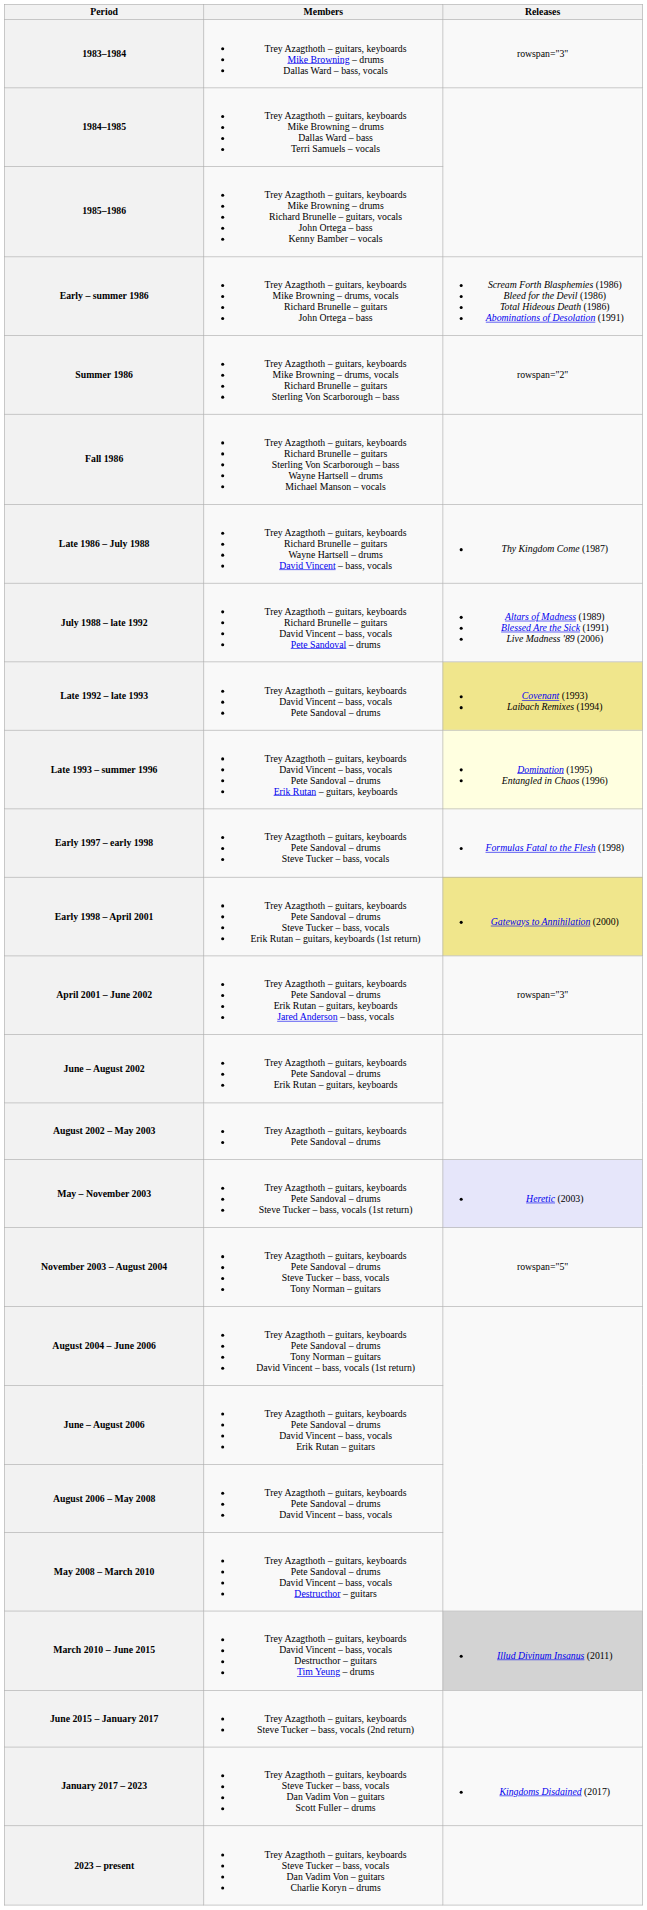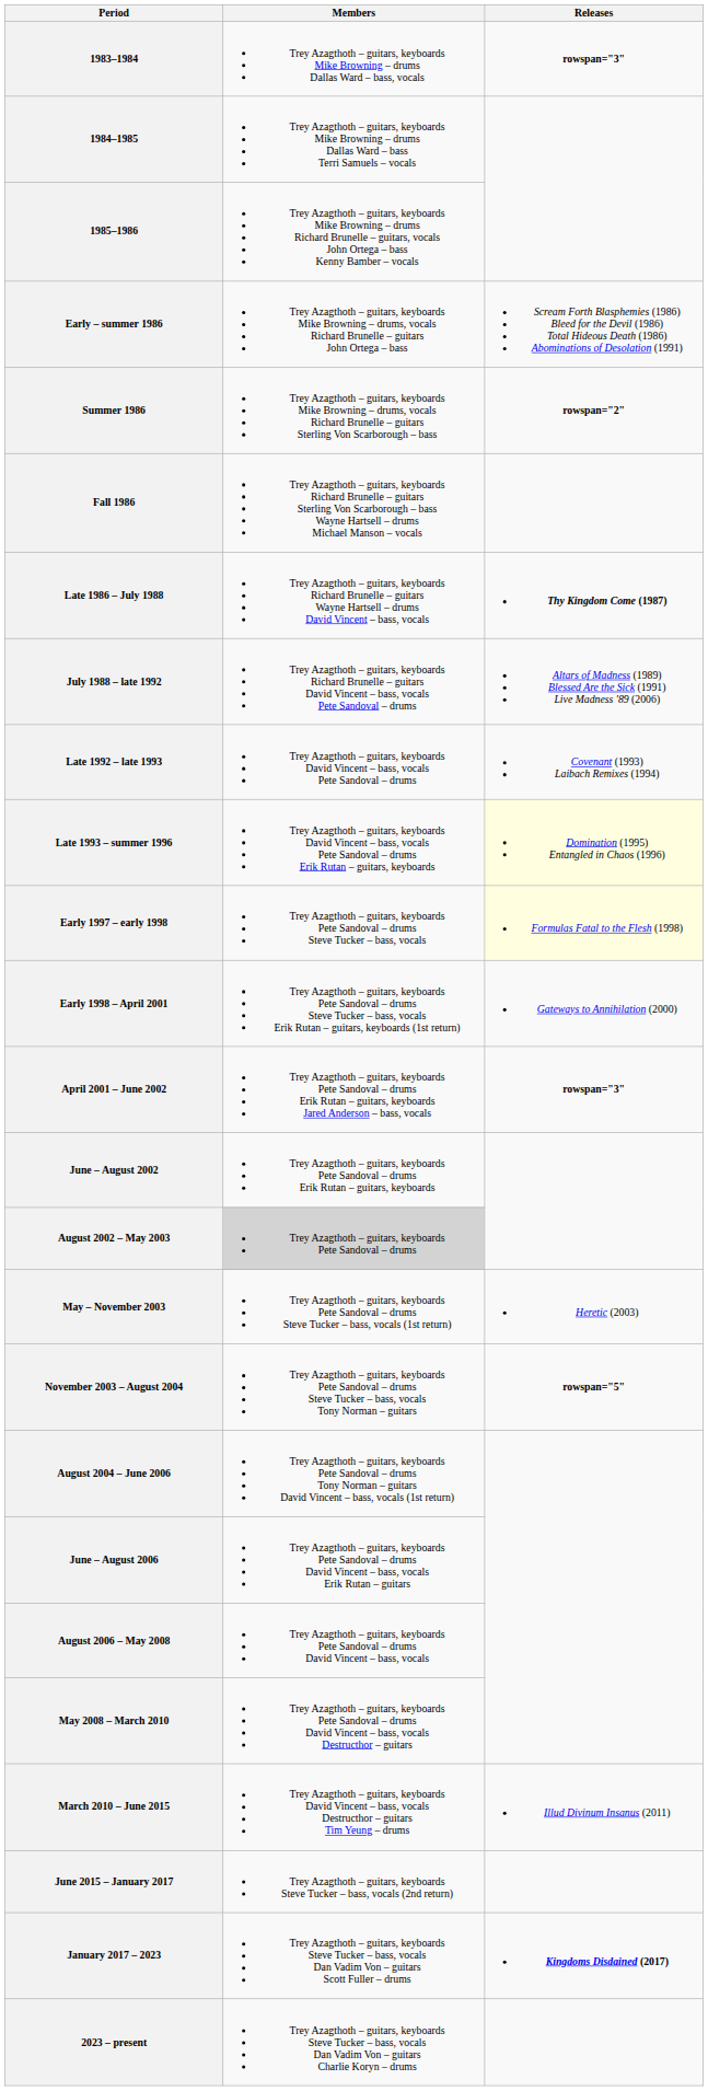 <table class="wikitable plainrowheaders" style="text-align:center;">
 <tr>
 <th scope="col" style="width:20em;">Period</th>
 <th scope="col" style="width:24em;">Members</th>
 <th scope="col" style="width:20em;">Releases</th>
 </tr>
 <tr>
 <th scope="col">1983–1984</th>
 <td><br><ul><li>Trey Azagthoth – guitars, keyboards</li><li><a href='#'>Mike Browning</a> – drums</li><li>Dallas Ward – bass, vocals</li></ul></td>
-<td>rowspan="3" </td>
+<td><strong>rowspan="3" </strong></td>
 </tr>
 <tr>
 <th scope="col">1984–1985</th>
 <td><br><ul><li>Trey Azagthoth – guitars, keyboards</li><li>Mike Browning – drums</li><li>Dallas Ward – bass</li><li>Terri Samuels – vocals</li></ul></td>
 </tr>
 <tr>
 <th scope="col">1985–1986</th>
 <td><br><ul><li>Trey Azagthoth – guitars, keyboards</li><li>Mike Browning – drums</li><li>Richard Brunelle – guitars, vocals</li><li>John Ortega – bass</li><li>Kenny Bamber – vocals</li></ul></td>
 </tr>
 <tr>
 <th scope="col">Early – summer 1986</th>
 <td><br><ul><li>Trey Azagthoth – guitars, keyboards</li><li>Mike Browning – drums, vocals</li><li>Richard Brunelle – guitars</li><li>John Ortega – bass</li></ul></td>
 <td><br><ul><li><em>Scream Forth Blasphemies</em> (1986)</li><li><em>Bleed for the Devil</em> (1986)</li><li><em>Total Hideous Death</em> (1986)</li><li><em><a href='#'>Abominations of Desolation</a></em> (1991)</li></ul></td>
 </tr>
 <tr>
 <th scope="col">Summer 1986</th>
 <td><br><ul><li>Trey Azagthoth – guitars, keyboards</li><li>Mike Browning – drums, vocals</li><li>Richard Brunelle – guitars</li><li>Sterling Von Scarborough – bass</li></ul></td>
-<td>rowspan="2" </td>
+<td><strong>rowspan="2" </strong></td>
 </tr>
 <tr>
 <th scope="col">Fall 1986</th>
 <td><br><ul><li>Trey Azagthoth – guitars, keyboards</li><li>Richard Brunelle – guitars</li><li>Sterling Von Scarborough – bass</li><li>Wayne Hartsell – drums</li><li>Michael Manson – vocals</li></ul></td>
 </tr>
 <tr>
 <th scope="col">Late 1986 – July 1988</th>
 <td><br><ul><li>Trey Azagthoth – guitars, keyboards</li><li>Richard Brunelle – guitars</li><li>Wayne Hartsell – drums</li><li><a href='#'>David Vincent</a> – bass, vocals</li></ul></td>
-<td><br><ul><li><em>Thy Kingdom Come</em> (1987)</li></ul></td>
+<td><strong><br><ul><li><em>Thy Kingdom Come</em> (1987)</li></ul></strong></td>
 </tr>
 <tr>
 <th scope="col">July 1988 – late 1992</th>
 <td><br><ul><li>Trey Azagthoth – guitars, keyboards</li><li>Richard Brunelle – guitars</li><li>David Vincent – bass, vocals</li><li><a href='#'>Pete Sandoval</a> – drums</li></ul></td>
 <td><br><ul><li><em><a href='#'>Altars of Madness</a></em> (1989)</li><li><em><a href='#'>Blessed Are the Sick</a></em> (1991)</li><li><em>Live Madness '89</em> (2006)</li></ul></td>
 </tr>
 <tr>
 <th scope="col">Late 1992 – late 1993</th>
 <td><br><ul><li>Trey Azagthoth – guitars, keyboards</li><li>David Vincent – bass, vocals</li><li>Pete Sandoval – drums</li></ul></td>
-<td style="background: khaki;"><br><ul><li><em><a href='#'>Covenant</a></em> (1993)</li><li><em>Laibach Remixes</em> (1994)</li></ul></td>
+<td><br><ul><li><em><a href='#'>Covenant</a></em> (1993)</li><li><em>Laibach Remixes</em> (1994)</li></ul></td>
 </tr>
 <tr>
 <th scope="col">Late 1993 – summer 1996</th>
 <td><br><ul><li>Trey Azagthoth – guitars, keyboards</li><li>David Vincent – bass, vocals</li><li>Pete Sandoval – drums</li><li><a href='#'>Erik Rutan</a> – guitars, keyboards</li></ul></td>
 <td style="background: lightyellow;"><br><ul><li><em><a href='#'>Domination</a></em> (1995)</li><li><em>Entangled in Chaos</em> (1996)</li></ul></td>
 </tr>
 <tr>
 <th scope="col">Early 1997 – early 1998</th>
 <td><br><ul><li>Trey Azagthoth – guitars, keyboards</li><li>Pete Sandoval – drums</li><li>Steve Tucker – bass, vocals</li></ul></td>
-<td><br><ul><li><em><a href='#'>Formulas Fatal to the Flesh</a></em> (1998)</li></ul></td>
+<td style="background: lightyellow;"><br><ul><li><em><a href='#'>Formulas Fatal to the Flesh</a></em> (1998)</li></ul></td>
 </tr>
 <tr>
 <th scope="col">Early 1998 – April 2001</th>
 <td><br><ul><li>Trey Azagthoth – guitars, keyboards</li><li>Pete Sandoval – drums</li><li>Steve Tucker – bass, vocals</li><li>Erik Rutan – guitars, keyboards (1st return)</li></ul></td>
-<td style="background: khaki;"><br><ul><li><em><a href='#'>Gateways to Annihilation</a></em> (2000)</li></ul></td>
+<td><br><ul><li><em><a href='#'>Gateways to Annihilation</a></em> (2000)</li></ul></td>
 </tr>
 <tr>
 <th scope="col">April 2001 – June 2002</th>
 <td><br><ul><li>Trey Azagthoth – guitars, keyboards</li><li>Pete Sandoval – drums</li><li>Erik Rutan – guitars, keyboards</li><li><a href='#'>Jared Anderson</a> – bass, vocals</li></ul></td>
-<td>rowspan="3" </td>
+<td><strong>rowspan="3" </strong></td>
 </tr>
 <tr>
 <th scope="col">June – August 2002</th>
 <td><br><ul><li>Trey Azagthoth – guitars, keyboards</li><li>Pete Sandoval – drums</li><li>Erik Rutan – guitars, keyboards</li></ul></td>
 </tr>
 <tr>
 <th scope="col">August 2002 – May 2003</th>
-<td><br><ul><li>Trey Azagthoth – guitars, keyboards</li><li>Pete Sandoval – drums</li></ul></td>
+<td style="background: lightgrey;"><br><ul><li>Trey Azagthoth – guitars, keyboards</li><li>Pete Sandoval – drums</li></ul></td>
 </tr>
 <tr>
 <th scope="col">May – November 2003</th>
 <td><br><ul><li>Trey Azagthoth – guitars, keyboards</li><li>Pete Sandoval – drums</li><li>Steve Tucker – bass, vocals (1st return)</li></ul></td>
-<td style="background: lavender;"><br><ul><li><em><a href='#'>Heretic</a></em> (2003)</li></ul></td>
+<td><br><ul><li><em><a href='#'>Heretic</a></em> (2003)</li></ul></td>
 </tr>
 <tr>
 <th scope="col">November 2003 – August 2004</th>
 <td><br><ul><li>Trey Azagthoth – guitars, keyboards</li><li>Pete Sandoval – drums</li><li>Steve Tucker – bass, vocals</li><li>Tony Norman – guitars </li></ul></td>
-<td>rowspan="5" </td>
+<td><strong>rowspan="5" </strong></td>
 </tr>
 <tr>
 <th scope="col">August 2004 – June 2006</th>
 <td><br><ul><li>Trey Azagthoth – guitars, keyboards</li><li>Pete Sandoval – drums</li><li>Tony Norman – guitars </li><li>David Vincent – bass, vocals (1st return)</li></ul></td>
 </tr>
 <tr>
 <th scope="col">June – August 2006</th>
 <td><br><ul><li>Trey Azagthoth – guitars, keyboards</li><li>Pete Sandoval – drums</li><li>David Vincent – bass, vocals</li><li>Erik Rutan – guitars </li></ul></td>
 </tr>
 <tr>
 <th scope="col">August 2006 – May 2008</th>
 <td><br><ul><li>Trey Azagthoth – guitars, keyboards</li><li>Pete Sandoval – drums</li><li>David Vincent – bass, vocals</li></ul></td>
 </tr>
 <tr>
 <th scope="col">May 2008 – March 2010</th>
 <td><br><ul><li>Trey Azagthoth – guitars, keyboards</li><li>Pete Sandoval – drums</li><li>David Vincent – bass, vocals</li><li><a href='#'>Destructhor</a> – guitars</li></ul></td>
 </tr>
 <tr>
 <th scope="col">March 2010 – June 2015</th>
 <td><br><ul><li>Trey Azagthoth – guitars, keyboards</li><li>David Vincent – bass, vocals</li><li>Destructhor – guitars</li><li><a href='#'>Tim Yeung</a> – drums</li></ul></td>
-<td style="background: lightgrey;"><br><ul><li><em><a href='#'>Illud Divinum Insanus</a></em> (2011)</li></ul></td>
+<td><br><ul><li><em><a href='#'>Illud Divinum Insanus</a></em> (2011)</li></ul></td>
 </tr>
 <tr>
 <th scope="col">June 2015 – January 2017</th>
 <td><br><ul><li>Trey Azagthoth – guitars, keyboards</li><li>Steve Tucker – bass, vocals (2nd return)</li></ul></td>
 <td></td>
 </tr>
 <tr>
 <th scope="col">January 2017 – 2023</th>
 <td><br><ul><li>Trey Azagthoth – guitars, keyboards</li><li>Steve Tucker – bass, vocals</li><li>Dan Vadim Von – guitars</li><li>Scott Fuller – drums</li></ul></td>
-<td><br><ul><li><em><a href='#'>Kingdoms Disdained</a></em> (2017)</li></ul></td>
+<td><strong><br><ul><li><em><a href='#'>Kingdoms Disdained</a></em> (2017)</li></ul></strong></td>
 </tr>
 <tr>
 <th scope="col">2023 – present</th>
 <td><br><ul><li>Trey Azagthoth – guitars, keyboards</li><li>Steve Tucker – bass, vocals</li><li>Dan Vadim Von – guitars</li><li>Charlie Koryn – drums </li></ul></td>
 <td></td>
 </tr>
 </table>
